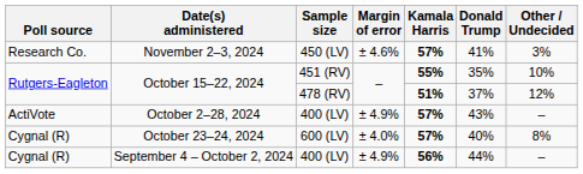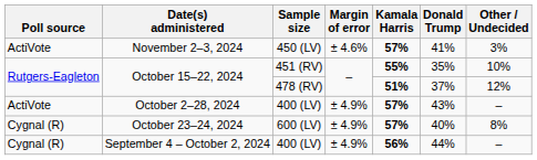 <table class="wikitable sortable mw-datatable" style="font-size:90%;text-align:center;line-height:17px">
 <tr valign=bottom>
 <th>Poll source</th>
 <th>Date(s)<br>administered</th>
 <th>Sample<br>size</th>
 <th>Margin<br>of error</th>
 <th class="unsortable">Kamala<br>Harris<br></th>
 <th class="unsortable">Donald<br>Trump<br></th>
 <th class="unsortable">Other /<br>Undecided</th>
 </tr>
 <tr>
-<td style="text-align:left;">Research Co.</td>
+<td style="text-align:left">ActiVote</td>
 <td data-sort-value="2024-11-03">November 2–3, 2024</td>
 <td>450 (LV)</td>
 <td>± 4.6%</td>
 <td style="color:black;background-color:"><strong>57%</strong></td>
 <td>41%</td>
 <td>3%</td>
 </tr>
 <tr>
 <td style="text-align:left" rowspan="2"><a href='#'>Rutgers-Eagleton</a></td>
 <td rowspan="2">October 15–22, 2024</td>
 <td>451 (RV)</td>
 <td rowspan="2">–</td>
 <td style="color:black;background-color:"><strong>55%</strong></td>
 <td>35%</td>
 <td>10%</td>
 </tr>
 <tr>
 <td>478 (RV)</td>
 <td style="color:black;background-color:"><strong>51%</strong></td>
 <td>37%</td>
 <td>12%</td>
 </tr>
 <tr>
 <td style="text-align:left">ActiVote</td>
 <td data-sort-value="2024-10-28">October 2–28, 2024</td>
 <td>400 (LV)</td>
 <td>± 4.9%</td>
 <td style="color:black;background-color:"><strong>57%</strong></td>
 <td>43%</td>
 <td>–</td>
 </tr>
 <tr>
 <td style="text-align:left">Cygnal (R)</td>
 <td data-sort-value="2024-10-24">October 23–24, 2024</td>
 <td>600 (LV)</td>
-<td>± 4.0%</td>
+<td>± 4.9%</td>
 <td style="color:black;background-color:"><strong>57%</strong></td>
 <td>40%</td>
 <td>8%</td>
 </tr>
 <tr>
 <td style="text-align:left">Cygnal (R)</td>
 <td data-sort-value="2024-05-01">September 4 – October 2, 2024</td>
 <td>400 (LV)</td>
 <td>± 4.9%</td>
 <td style="color:black;background-color:"><strong>56%</strong></td>
 <td>44%</td>
 <td>–</td>
 </tr>
 </table>
